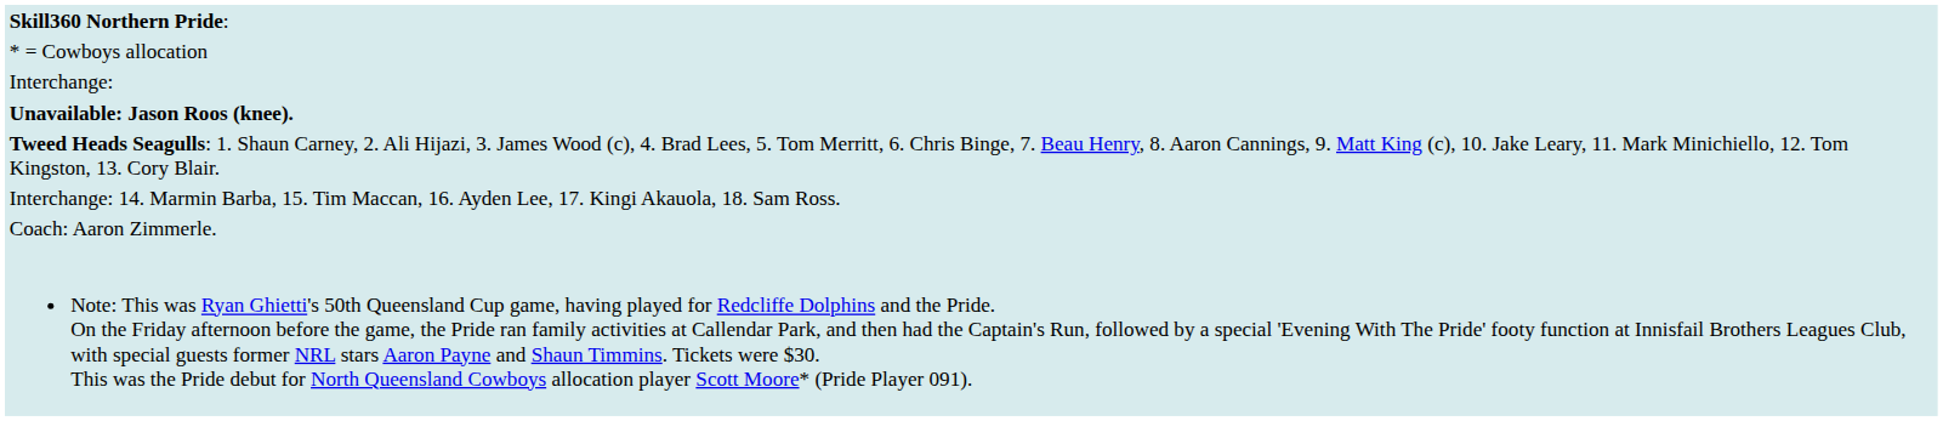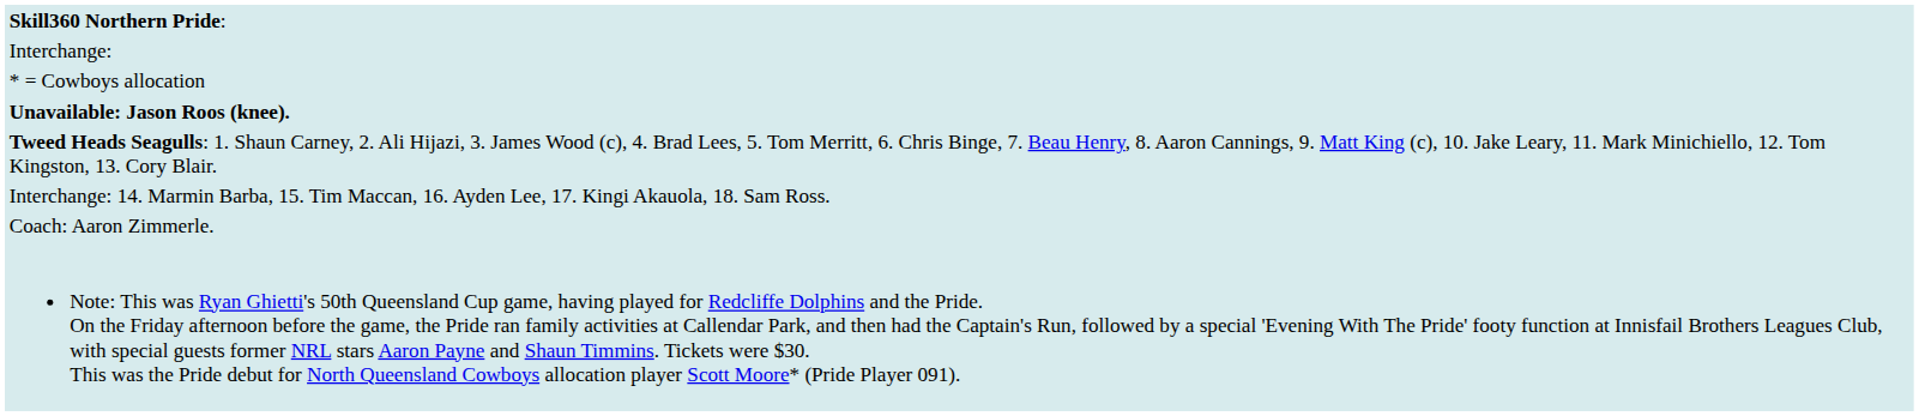 <table style="background:#d7ebed; font-size:85%; width:100%;">
 <tr>
 <td><strong>Skill360 Northern Pride</strong>:             </td>
 </tr>
 <tr>
-<td>* = Cowboys allocation</td>
+<td>Interchange:    </td>
 </tr>
 <tr>
-<td>Interchange:    </td>
+<td>* = Cowboys allocation</td>
 </tr>
 <tr>
 <td><strong>Unavailable: Jason Roos (knee).</strong></td>
 </tr>
 <tr>
 <td><strong>Tweed Heads Seagulls</strong>: 1. Shaun Carney, 2. Ali Hijazi, 3. James Wood (c), 4. Brad Lees, 5. Tom Merritt, 6. Chris Binge, 7. <a href='#'>Beau Henry</a>, 8. Aaron Cannings, 9. <a href='#'>Matt King</a> (c), 10. Jake Leary, 11. Mark Minichiello, 12. Tom Kingston, 13. Cory Blair.</td>
 </tr>
 <tr>
 <td>Interchange: 14. Marmin Barba, 15. Tim Maccan, 16. Ayden Lee, 17. Kingi Akauola, 18. Sam Ross.</td>
 </tr>
 <tr>
 <td>Coach: Aaron Zimmerle.</td>
 </tr>
 <tr>
 <td><br><ul><li>Note: This was <a href='#'>Ryan Ghietti</a>'s 50th Queensland Cup game, having played for <a href='#'>Redcliffe Dolphins</a> and the Pride.<br>On the Friday afternoon before the game, the Pride ran family activities at Callendar Park, and then had the Captain's Run, followed by a special 'Evening With The Pride' footy function at Innisfail Brothers Leagues Club, with special guests former <a href='#'>NRL</a> stars <a href='#'>Aaron Payne</a> and <a href='#'>Shaun Timmins</a>. Tickets were $30.<br>This was the Pride debut for <a href='#'>North Queensland Cowboys</a> allocation player <a href='#'>Scott Moore</a>* (Pride Player 091).</li></ul></td>
 </tr>
 </table>
